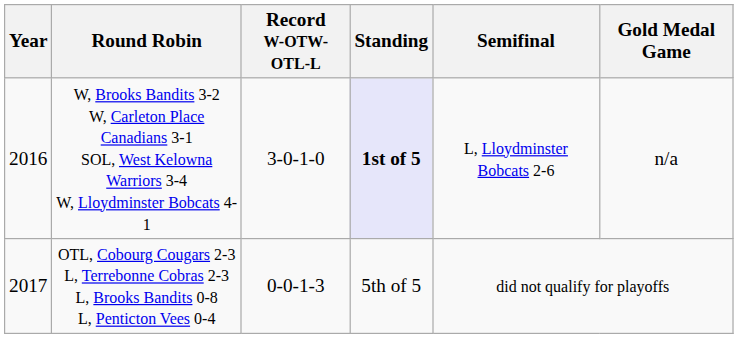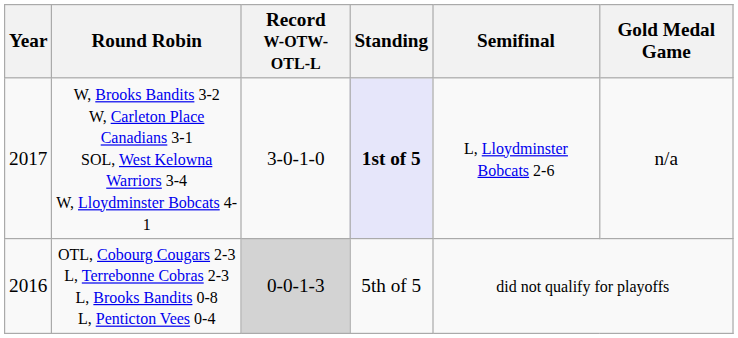 <table class="wikitable" style="text-align:center;">
 <tr>
 <th>Year</th>
 <th>Round Robin</th>
 <th>Record<br><small>W-OTW-OTL-L</small></th>
 <th>Standing</th>
 <th>Semifinal</th>
 <th>Gold Medal Game</th>
 </tr>
 <tr>
-<td>2016</td>
+<td>2017</td>
 <td><small>W, <a href='#'>Brooks Bandits</a> 3-2<br>W, <a href='#'>Carleton Place Canadians</a> 3-1<br>SOL, <a href='#'>West Kelowna Warriors</a> 3-4<br>W, <a href='#'>Lloydminster Bobcats</a> 4-1</small></td>
 <td>3-0-1-0</td>
 <td style="background: lavender;"><strong>1st of 5</strong></td>
 <td><small>L, <a href='#'>Lloydminster Bobcats</a> 2-6</small></td>
 <td>n/a</td>
 </tr>
 <tr>
-<td>2017</td>
+<td>2016</td>
 <td><small>OTL, <a href='#'>Cobourg Cougars</a> 2-3<br>L, <a href='#'>Terrebonne Cobras</a> 2-3<br>L, <a href='#'>Brooks Bandits</a> 0-8<br>L, <a href='#'>Penticton Vees</a> 0-4</small></td>
-<td>0-0-1-3</td>
+<td style="background: lightgrey;">0-0-1-3</td>
 <td>5th of 5</td>
 <td colspan=2><small>  did not qualify for playoffs</small></td>
 </tr>
 </table>
